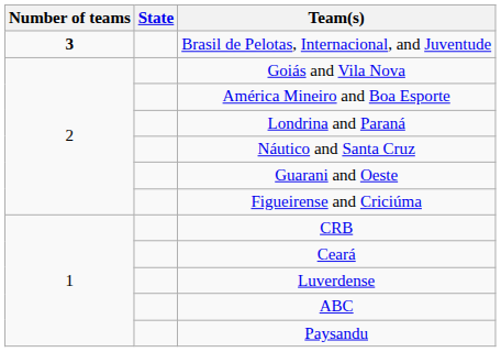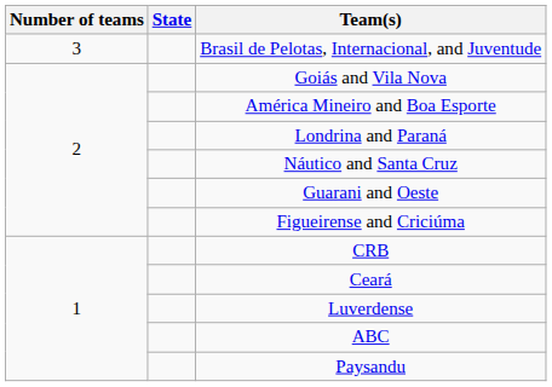 <table class="wikitable" style="text-align:center">
 <tr>
 <th>Number of teams</th>
 <th><a href='#'>State</a></th>
 <th>Team(s)</th>
 </tr>
 <tr>
-<td rowspan="1"><strong>3</strong></td>
+<td rowspan="1">3</td>
 <td align="left"></td>
 <td><a href='#'>Brasil de Pelotas</a>, <a href='#'>Internacional</a>, and <a href='#'>Juventude</a></td>
 </tr>
 <tr>
 <td rowspan="6">2</td>
 <td align="left"></td>
 <td><a href='#'>Goiás</a> and <a href='#'>Vila Nova</a></td>
 </tr>
 <tr>
 <td align="left"></td>
 <td><a href='#'>América Mineiro</a> and <a href='#'>Boa Esporte</a></td>
 </tr>
 <tr>
 <td align="left"></td>
 <td><a href='#'>Londrina</a> and <a href='#'>Paraná</a></td>
 </tr>
 <tr>
 <td align="left"></td>
 <td><a href='#'>Náutico</a> and <a href='#'>Santa Cruz</a></td>
 </tr>
 <tr>
 <td align="left"></td>
 <td><a href='#'>Guarani</a> and <a href='#'>Oeste</a></td>
 </tr>
 <tr>
 <td align="left"></td>
 <td><a href='#'>Figueirense</a> and <a href='#'>Criciúma</a></td>
 </tr>
 <tr>
 <td rowspan="5">1</td>
 <td align="left"></td>
 <td><a href='#'>CRB</a></td>
 </tr>
 <tr>
 <td align="left"></td>
 <td><a href='#'>Ceará</a></td>
 </tr>
 <tr>
 <td align="left"></td>
 <td><a href='#'>Luverdense</a></td>
 </tr>
 <tr>
 <td align="left"></td>
 <td><a href='#'>ABC</a></td>
 </tr>
 <tr>
 <td align="left"></td>
 <td><a href='#'>Paysandu</a></td>
 </tr>
 </table>
